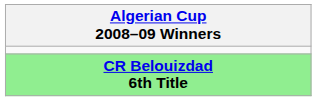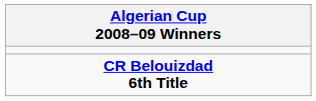 <table class="wikitable" style="text-align: center; margin: 0 auto; width: 20%">
 <tr>
 <th><a href='#'>Algerian Cup</a><br>2008–09 Winners</th>
 </tr>
 <tr>
 <td></td>
 </tr>
 <tr>
-<td style="background: lightgreen;"><strong><a href='#'>CR Belouizdad</a></strong><br><strong>6th Title</strong></td>
+<td><strong><a href='#'>CR Belouizdad</a></strong><br><strong>6th Title</strong></td>
 </tr>
 </table>
